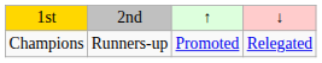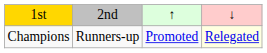 <table class="wikitable" style="text-align:center">
 <tr>
 <td bgcolor=gold>1st</td>
 <td bgcolor=silver>2nd</td>
 <td bgcolor="#DDFFDD">↑</td>
 <td bgcolor="#FFCCCC">↓</td>
 </tr>
 <tr>
 <td>Champions</td>
 <td>Runners-up</td>
 <td><a href='#'>Promoted</a></td>
-<td><a href='#'>Relegated</a></td>
+<td style="background: lightyellow;"><a href='#'>Relegated</a></td>
 </tr>
 </table>
